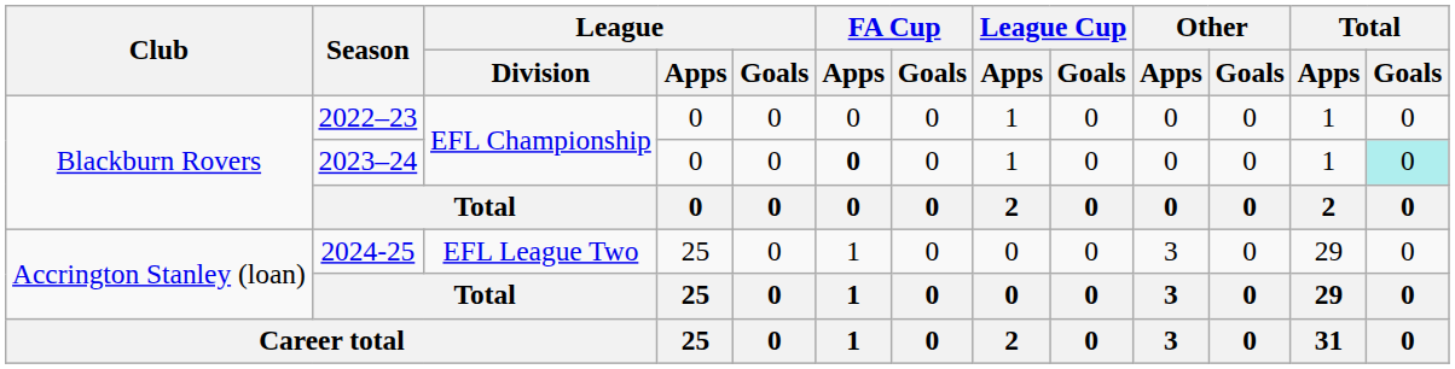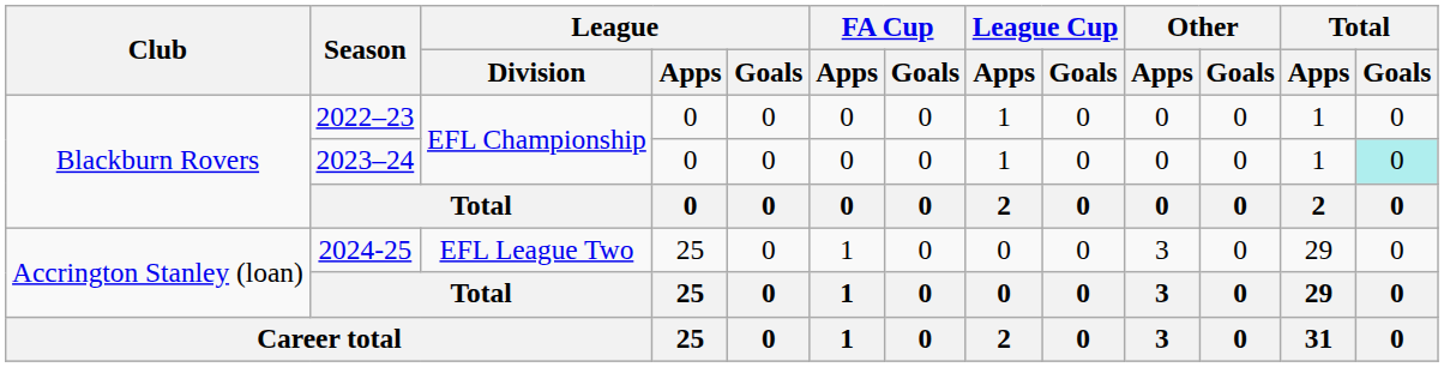 <table class=wikitable style="text-align: center">
 <tr>
 <th rowspan=2>Club</th>
 <th rowspan=2>Season</th>
 <th colspan=3>League</th>
 <th colspan=2><a href='#'>FA Cup</a></th>
 <th colspan=2><a href='#'>League Cup</a></th>
 <th colspan=2>Other</th>
 <th colspan=2>Total</th>
 </tr>
 <tr>
 <th>Division</th>
 <th>Apps</th>
 <th>Goals</th>
 <th>Apps</th>
 <th>Goals</th>
 <th>Apps</th>
 <th>Goals</th>
 <th>Apps</th>
 <th>Goals</th>
 <th>Apps</th>
 <th>Goals</th>
 </tr>
 <tr>
 <td rowspan="3"><a href='#'>Blackburn Rovers</a></td>
 <td><a href='#'>2022–23</a></td>
 <td rowspan="2"><a href='#'>EFL Championship</a></td>
 <td>0</td>
 <td>0</td>
 <td>0</td>
 <td>0</td>
 <td>1</td>
 <td>0</td>
 <td>0</td>
 <td>0</td>
 <td>1</td>
 <td>0</td>
 </tr>
 <tr>
 <td><a href='#'>2023–24</a></td>
 <td>0</td>
 <td>0</td>
-<td><strong>0</strong></td>
+<td>0</td>
 <td>0</td>
 <td>1</td>
 <td>0</td>
 <td>0</td>
 <td>0</td>
 <td>1</td>
 <td style="background: paleturquoise;">0</td>
 </tr>
 <tr>
 <th colspan="2">Total</th>
 <th>0</th>
 <th>0</th>
 <th>0</th>
 <th>0</th>
 <th>2</th>
 <th>0</th>
 <th>0</th>
 <th>0</th>
 <th>2</th>
 <th>0</th>
 </tr>
 <tr>
 <td rowspan="2"><a href='#'>Accrington Stanley</a> (loan)</td>
 <td><a href='#'>2024-25</a></td>
 <td><a href='#'>EFL League Two</a></td>
 <td>25</td>
 <td>0</td>
 <td>1</td>
 <td>0</td>
 <td>0</td>
 <td>0</td>
 <td>3</td>
 <td>0</td>
 <td>29</td>
 <td>0</td>
 </tr>
 <tr>
 <th colspan="2">Total</th>
 <th>25</th>
 <th>0</th>
 <th>1</th>
 <th>0</th>
 <th>0</th>
 <th>0</th>
 <th>3</th>
 <th>0</th>
 <th>29</th>
 <th>0</th>
 </tr>
 <tr>
 <th colspan="3">Career total</th>
 <th>25</th>
 <th>0</th>
 <th>1</th>
 <th>0</th>
 <th>2</th>
 <th>0</th>
 <th>3</th>
 <th>0</th>
 <th>31</th>
 <th>0</th>
 </tr>
 </table>
